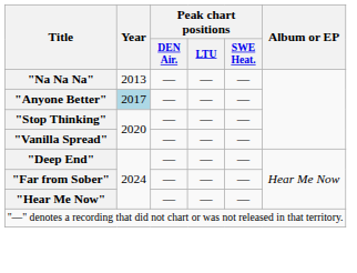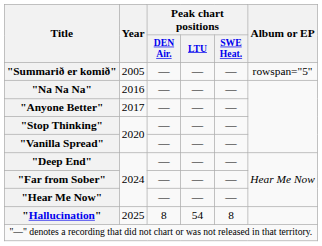 <table class="wikitable plainrowheaders" style="text-align:center;">
 <tr>
 <th scope="col" rowspan="2">Title</th>
 <th scope="col" rowspan="2">Year</th>
 <th scope="col" colspan="3">Peak chart positions</th>
 <th scope="col" rowspan="2">Album or EP</th>
 </tr>
 <tr>
 <th scope="col" style="width:3em;font-size:85%;"><a href='#'>DEN<br>Air.</a><br></th>
 <th scope="col" style="width:3em;font-size:85%;"><a href='#'>LTU</a><br></th>
 <th scope="col" style="width:3em;font-size:85%;"><a href='#'>SWE<br>Heat.</a><br></th>
 </tr>
 <tr>
+<th scope="row">"Summarið er komið"</th>
+<td>2005</td>
+<td>—</td>
+<td>—</td>
+<td>—</td>
+<td>rowspan="5" </td>
+</tr>
+<tr>
 <th scope="row">"Na Na Na"</th>
-<td>2013</td>
+<td>2016</td>
 <td>—</td>
 <td>—</td>
 <td>—</td>
 </tr>
 <tr>
 <th scope="row">"Anyone Better"</th>
-<td style="background: lightblue;">2017</td>
+<td>2017</td>
 <td>—</td>
 <td>—</td>
 <td>—</td>
 </tr>
 <tr>
 <th scope="row">"Stop Thinking"</th>
 <td rowspan="2">2020</td>
 <td>—</td>
 <td>—</td>
 <td>—</td>
 </tr>
 <tr>
 <th scope="row">"Vanilla Spread"</th>
 <td>—</td>
 <td>—</td>
 <td>—</td>
 </tr>
 <tr>
 <th scope="row">"Deep End"</th>
 <td rowspan="3">2024</td>
 <td>—</td>
 <td>—</td>
 <td>—</td>
 <td rowspan="3"><em>Hear Me Now</em></td>
 </tr>
 <tr>
 <th scope="row">"Far from Sober"</th>
 <td>—</td>
 <td>—</td>
 <td>—</td>
 </tr>
 <tr>
 <th scope="row">"Hear Me Now"</th>
 <td>—</td>
 <td>—</td>
 <td>—</td>
 </tr>
 <tr>
+<th scope="row">"<a href='#'>Hallucination</a>"</th>
+<td>2025</td>
+<td>8</td>
+<td>54</td>
+<td>8</td>
+<td></td>
+</tr>
+<tr>
 <td colspan="6" style="font-size:85%">"—" denotes a recording that did not chart or was not released in that territory.</td>
 </tr>
 </table>
